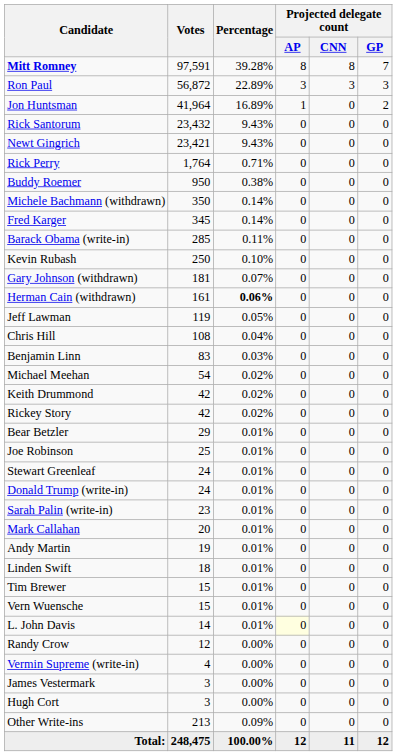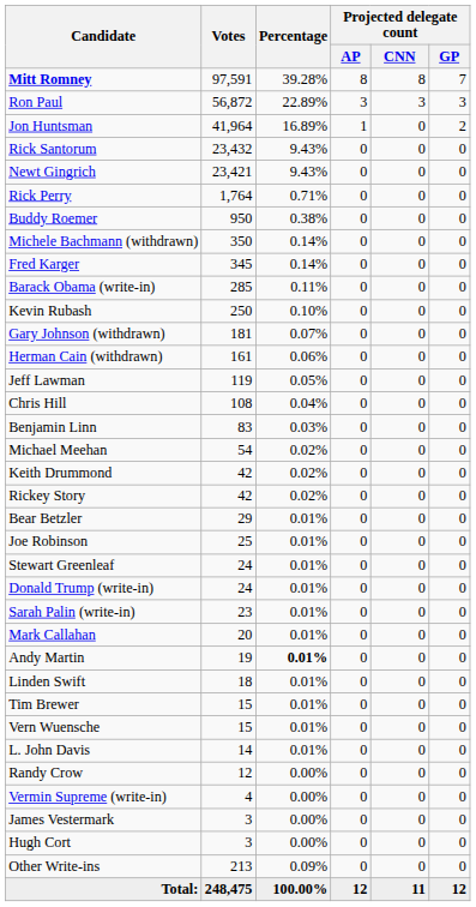 <table class="wikitable" style="text-align:right;">
 <tr>
 <th rowspan="2">Candidate</th>
 <th rowspan="2">Votes</th>
 <th rowspan="2">Percentage</th>
 <th colspan="3" style="width:145px;">Projected delegate count</th>
 </tr>
 <tr>
 <th><a href='#'>AP</a></th>
 <th><a href='#'>CNN</a></th>
 <th><a href='#'>GP</a></th>
 </tr>
 <tr>
 <td style="text-align:left;"><strong><a href='#'>Mitt Romney</a></strong></td>
 <td>97,591</td>
 <td>39.28%</td>
 <td>8</td>
 <td>8</td>
 <td>7</td>
 </tr>
 <tr>
 <td style="text-align:left;"><a href='#'>Ron Paul</a></td>
 <td>56,872</td>
 <td>22.89%</td>
 <td>3</td>
 <td>3</td>
 <td>3</td>
 </tr>
 <tr>
 <td style="text-align:left;"><a href='#'>Jon Huntsman</a></td>
 <td>41,964</td>
 <td>16.89%</td>
 <td>1</td>
 <td>0</td>
 <td>2</td>
 </tr>
 <tr>
 <td style="text-align:left;"><a href='#'>Rick Santorum</a></td>
 <td>23,432</td>
 <td>9.43%</td>
 <td>0</td>
 <td>0</td>
 <td>0</td>
 </tr>
 <tr>
 <td style="text-align:left;"><a href='#'>Newt Gingrich</a></td>
 <td>23,421</td>
 <td>9.43%</td>
 <td>0</td>
 <td>0</td>
 <td>0</td>
 </tr>
 <tr>
 <td style="text-align:left;"><a href='#'>Rick Perry</a></td>
 <td>1,764</td>
 <td>0.71%</td>
 <td>0</td>
 <td>0</td>
 <td>0</td>
 </tr>
 <tr>
 <td style="text-align:left;"><a href='#'>Buddy Roemer</a></td>
 <td>950</td>
 <td>0.38%</td>
 <td>0</td>
 <td>0</td>
 <td>0</td>
 </tr>
 <tr>
 <td style="text-align:left;"><a href='#'>Michele Bachmann</a> (withdrawn)</td>
 <td>350</td>
 <td>0.14%</td>
 <td>0</td>
 <td>0</td>
 <td>0</td>
 </tr>
 <tr>
 <td style="text-align:left;"><a href='#'>Fred Karger</a></td>
 <td>345</td>
 <td>0.14%</td>
 <td>0</td>
 <td>0</td>
 <td>0</td>
 </tr>
 <tr>
 <td style="text-align:left;"><a href='#'>Barack Obama</a> (write-in)</td>
 <td>285</td>
 <td>0.11%</td>
 <td>0</td>
 <td>0</td>
 <td>0</td>
 </tr>
 <tr>
 <td style="text-align:left;">Kevin Rubash</td>
 <td>250</td>
 <td>0.10%</td>
 <td>0</td>
 <td>0</td>
 <td>0</td>
 </tr>
 <tr>
 <td style="text-align:left;"><a href='#'>Gary Johnson</a> (withdrawn)</td>
 <td>181</td>
 <td>0.07%</td>
 <td>0</td>
 <td>0</td>
 <td>0</td>
 </tr>
 <tr>
 <td style="text-align:left;"><a href='#'>Herman Cain</a> (withdrawn)</td>
 <td>161</td>
-<td><strong>0.06%</strong></td>
+<td>0.06%</td>
 <td>0</td>
 <td>0</td>
 <td>0</td>
 </tr>
 <tr>
 <td style="text-align:left;">Jeff Lawman</td>
 <td>119</td>
 <td>0.05%</td>
 <td>0</td>
 <td>0</td>
 <td>0</td>
 </tr>
 <tr>
 <td style="text-align:left;">Chris Hill</td>
 <td>108</td>
 <td>0.04%</td>
 <td>0</td>
 <td>0</td>
 <td>0</td>
 </tr>
 <tr>
 <td style="text-align:left;">Benjamin Linn</td>
 <td>83</td>
 <td>0.03%</td>
 <td>0</td>
 <td>0</td>
 <td>0</td>
 </tr>
 <tr>
 <td style="text-align:left;">Michael Meehan</td>
 <td>54</td>
 <td>0.02%</td>
 <td>0</td>
 <td>0</td>
 <td>0</td>
 </tr>
 <tr>
 <td style="text-align:left;">Keith Drummond</td>
 <td>42</td>
 <td>0.02%</td>
 <td>0</td>
 <td>0</td>
 <td>0</td>
 </tr>
 <tr>
 <td style="text-align:left;">Rickey Story</td>
 <td>42</td>
 <td>0.02%</td>
 <td>0</td>
 <td>0</td>
 <td>0</td>
 </tr>
 <tr>
 <td style="text-align:left;">Bear Betzler</td>
 <td>29</td>
 <td>0.01%</td>
 <td>0</td>
 <td>0</td>
 <td>0</td>
 </tr>
 <tr>
 <td style="text-align:left;">Joe Robinson</td>
 <td>25</td>
 <td>0.01%</td>
 <td>0</td>
 <td>0</td>
 <td>0</td>
 </tr>
 <tr>
 <td style="text-align:left;">Stewart Greenleaf</td>
 <td>24</td>
 <td>0.01%</td>
 <td>0</td>
 <td>0</td>
 <td>0</td>
 </tr>
 <tr>
 <td style="text-align:left;"><a href='#'>Donald Trump</a> (write-in)</td>
 <td>24</td>
 <td>0.01%</td>
 <td>0</td>
 <td>0</td>
 <td>0</td>
 </tr>
 <tr>
 <td style="text-align:left;"><a href='#'>Sarah Palin</a> (write-in)</td>
 <td>23</td>
 <td>0.01%</td>
 <td>0</td>
 <td>0</td>
 <td>0</td>
 </tr>
 <tr>
 <td style="text-align:left;"><a href='#'>Mark Callahan</a></td>
 <td>20</td>
 <td>0.01%</td>
 <td>0</td>
 <td>0</td>
 <td>0</td>
 </tr>
 <tr>
 <td style="text-align:left;">Andy Martin</td>
 <td>19</td>
-<td>0.01%</td>
+<td><strong>0.01%</strong></td>
 <td>0</td>
 <td>0</td>
 <td>0</td>
 </tr>
 <tr>
 <td style="text-align:left;">Linden Swift</td>
 <td>18</td>
 <td>0.01%</td>
 <td>0</td>
 <td>0</td>
 <td>0</td>
 </tr>
 <tr>
 <td style="text-align:left;">Tim Brewer</td>
 <td>15</td>
 <td>0.01%</td>
 <td>0</td>
 <td>0</td>
 <td>0</td>
 </tr>
 <tr>
 <td style="text-align:left;">Vern Wuensche</td>
 <td>15</td>
 <td>0.01%</td>
 <td>0</td>
 <td>0</td>
 <td>0</td>
 </tr>
 <tr>
 <td style="text-align:left;">L. John Davis</td>
 <td>14</td>
 <td>0.01%</td>
-<td style="background: lightyellow;">0</td>
+<td>0</td>
 <td>0</td>
 <td>0</td>
 </tr>
 <tr>
 <td style="text-align:left;">Randy Crow</td>
 <td>12</td>
 <td>0.00%</td>
 <td>0</td>
 <td>0</td>
 <td>0</td>
 </tr>
 <tr>
 <td style="text-align:left;"><a href='#'>Vermin Supreme</a> (write-in)</td>
 <td>4</td>
 <td>0.00%</td>
 <td>0</td>
 <td>0</td>
 <td>0</td>
 </tr>
 <tr>
 <td style="text-align:left;">James Vestermark</td>
 <td>3</td>
 <td>0.00%</td>
 <td>0</td>
 <td>0</td>
 <td>0</td>
 </tr>
 <tr>
 <td style="text-align:left;">Hugh Cort</td>
 <td>3</td>
 <td>0.00%</td>
 <td>0</td>
 <td>0</td>
 <td>0</td>
 </tr>
 <tr>
 <td style="text-align:left;">Other Write-ins</td>
 <td>213</td>
 <td>0.09%</td>
 <td>0</td>
 <td>0</td>
 <td>0</td>
 </tr>
 <tr style="background:#eee;">
 <td><strong>Total:</strong></td>
 <td><strong>248,475</strong></td>
 <td><strong>100.00%</strong></td>
 <td><strong>12</strong></td>
 <td><strong>11</strong></td>
 <td><strong>12</strong></td>
 </tr>
 </table>
